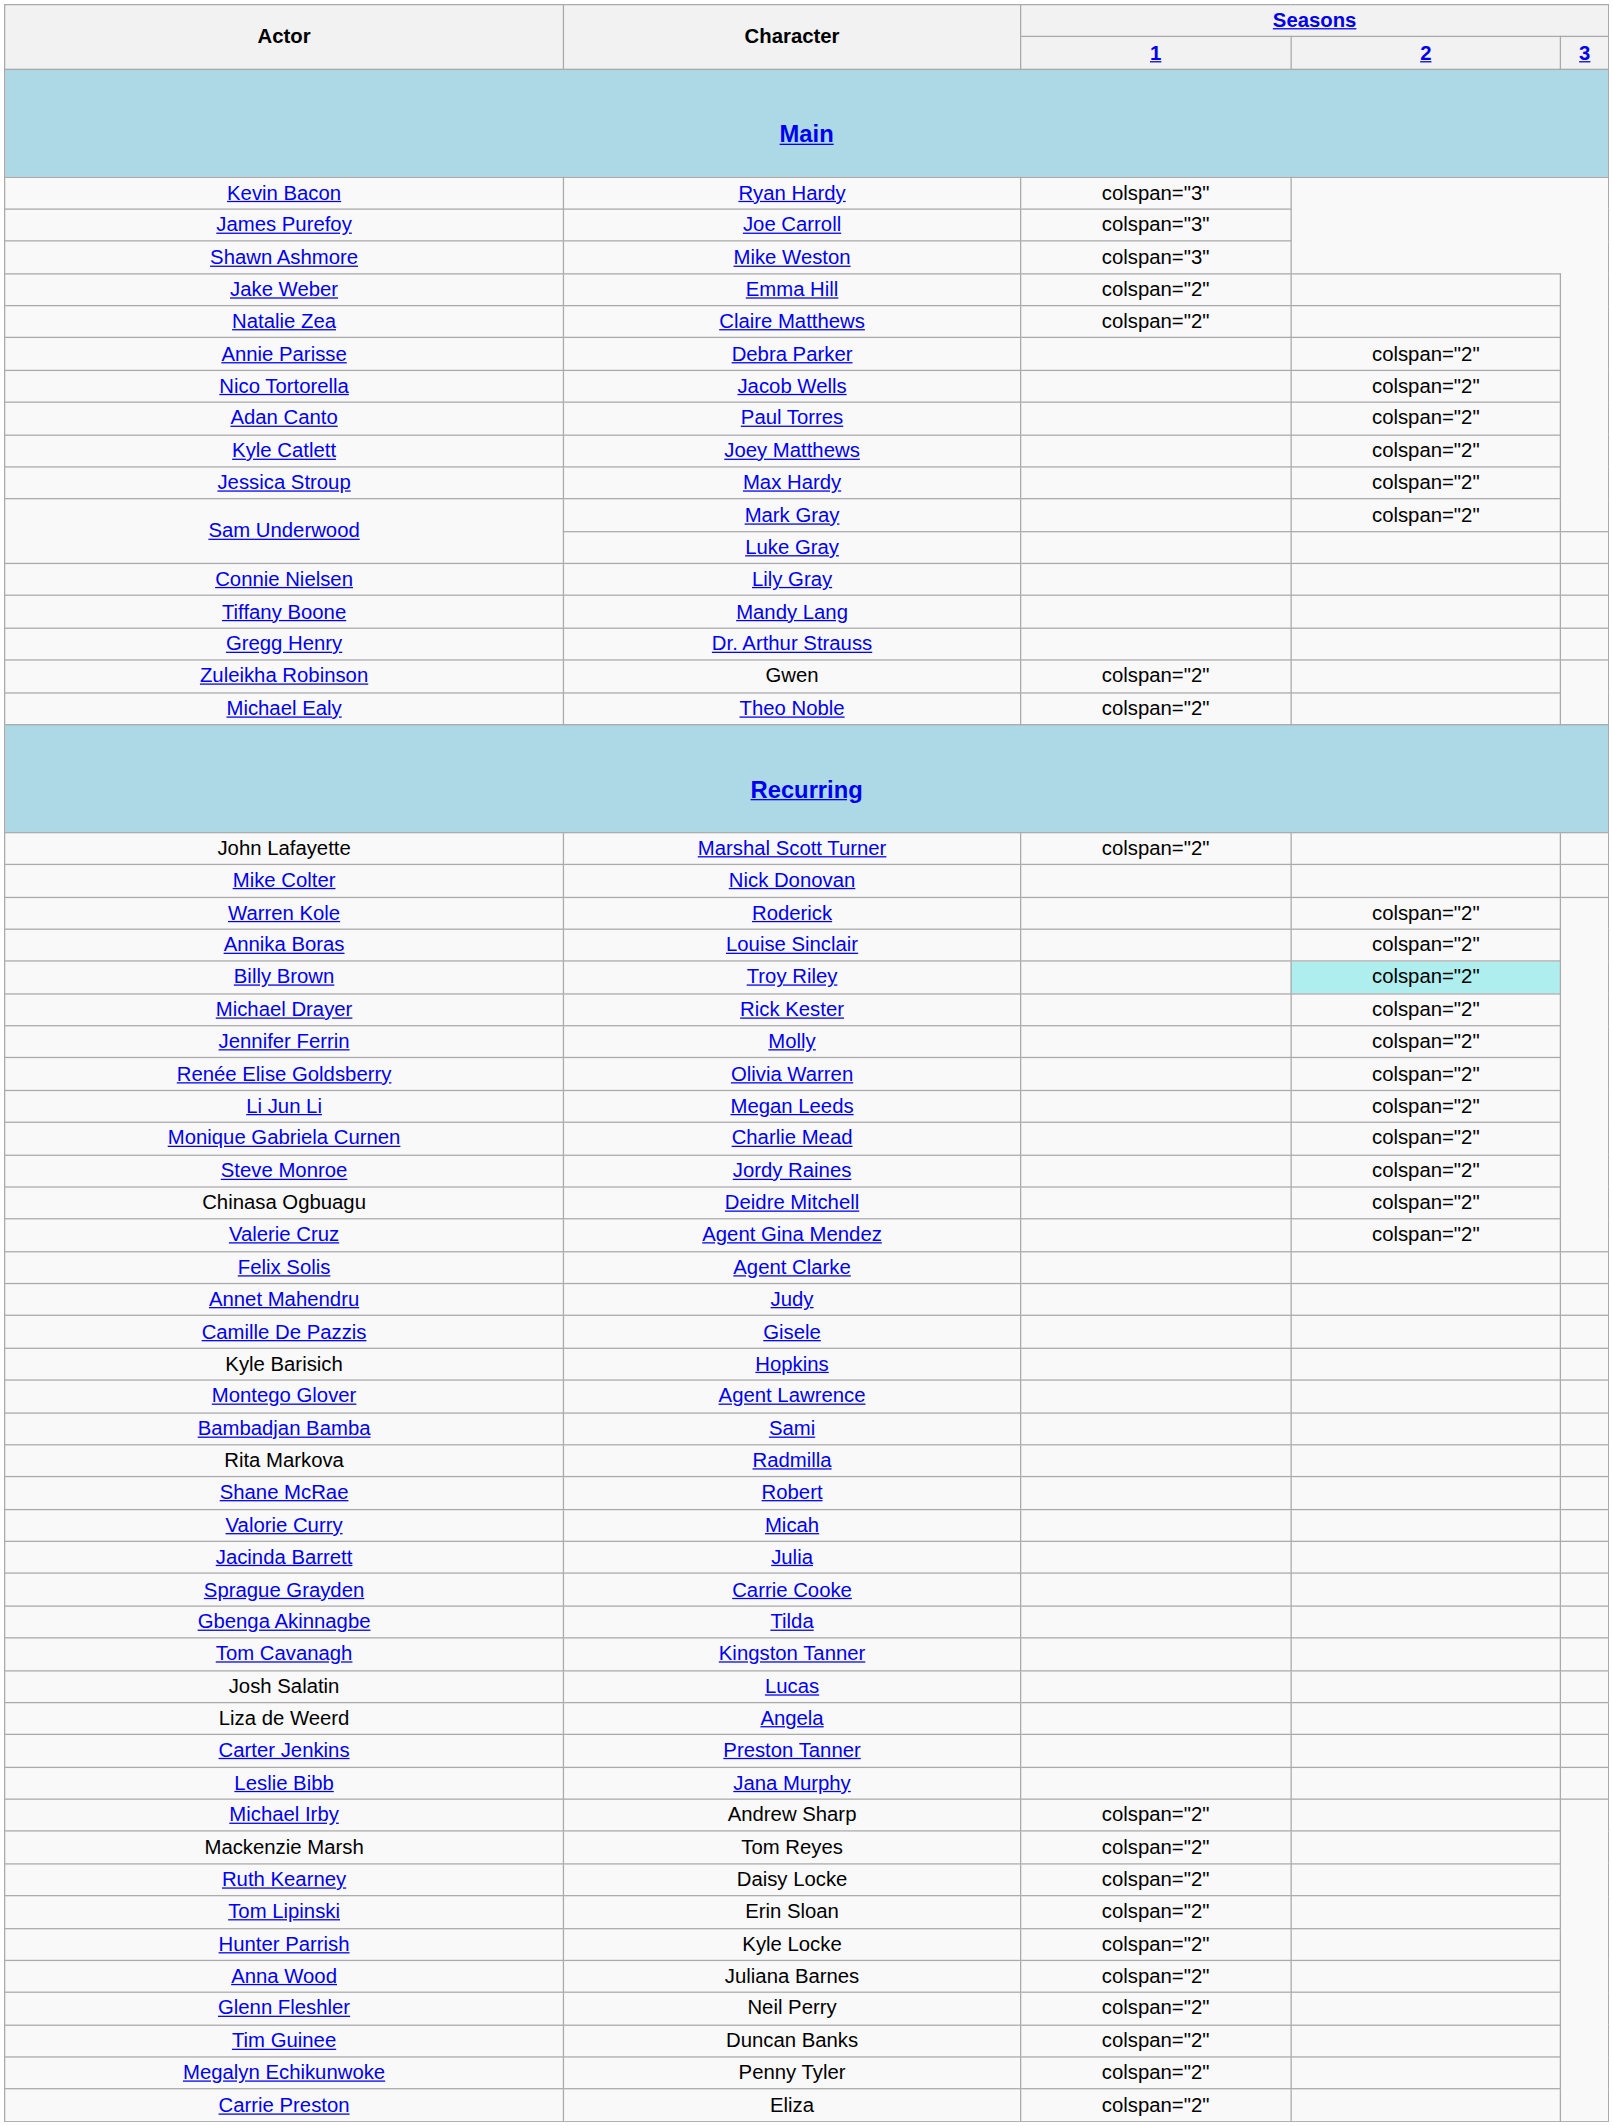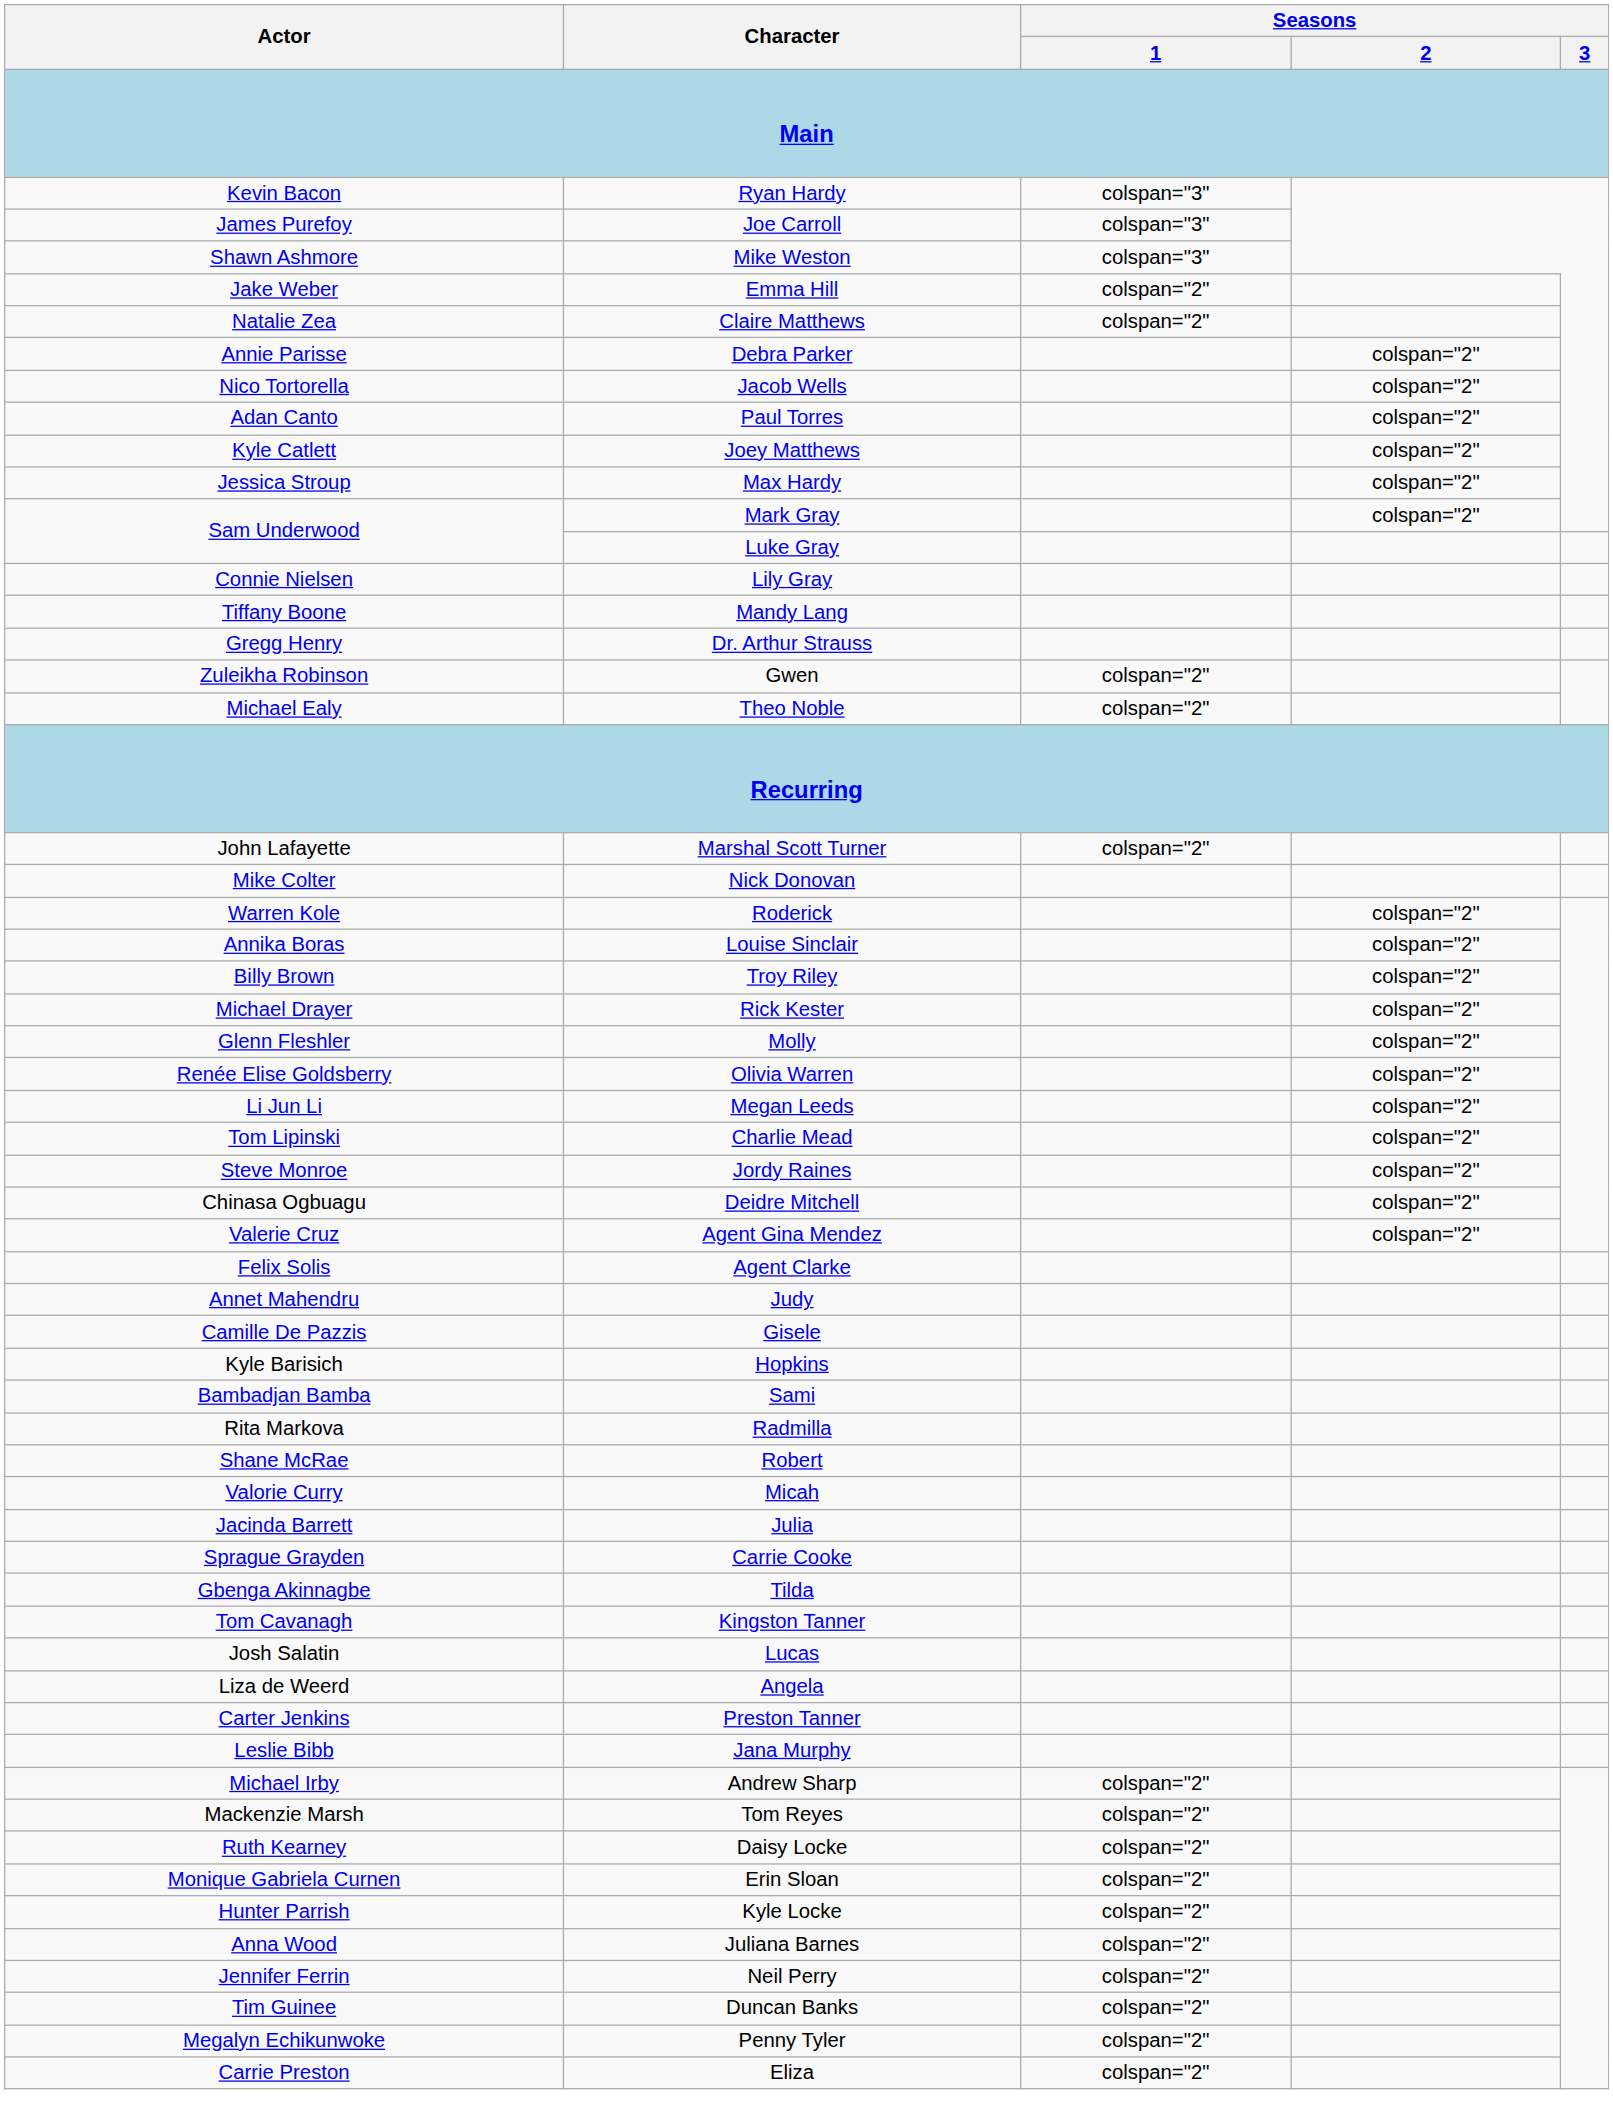 <table class="wikitable plainrowheaders" style="text-align:center" width="100%">
 <tr>
 <th rowspan="2" scope="col">Actor</th>
 <th rowspan="2" scope="col">Character</th>
 <th colspan="3" scope="col"><a href='#'>Seasons</a></th>
 </tr>
 <tr>
 <th scope="col"><a href='#'>1</a></th>
 <th scope="col"><a href='#'>2</a></th>
 <th scope="col"><a href='#'>3</a></th>
 </tr>
 <tr>
 <th colspan="5" style="background:lightblue;"><br><h3><a href='#'>Main</a></h3></th>
 </tr>
 <tr>
 <td><a href='#'>Kevin Bacon</a></td>
 <td><a href='#'>Ryan Hardy</a></td>
 <td>colspan="3" </td>
 </tr>
 <tr>
 <td><a href='#'>James Purefoy</a></td>
 <td><a href='#'>Joe Carroll</a></td>
 <td>colspan="3" </td>
 </tr>
 <tr>
 <td><a href='#'>Shawn Ashmore</a></td>
 <td><a href='#'>Mike Weston</a></td>
 <td>colspan="3" </td>
 </tr>
 <tr>
 <td><a href='#'>Jake Weber</a></td>
 <td><a href='#'>Emma Hill</a></td>
 <td>colspan="2" </td>
 <td></td>
 </tr>
 <tr>
 <td><a href='#'>Natalie Zea</a></td>
 <td><a href='#'>Claire Matthews</a></td>
 <td>colspan="2" </td>
 <td></td>
 </tr>
 <tr>
 <td><a href='#'>Annie Parisse</a></td>
 <td><a href='#'>Debra Parker</a></td>
 <td></td>
 <td>colspan="2" </td>
 </tr>
 <tr>
 <td><a href='#'>Nico Tortorella</a></td>
 <td><a href='#'>Jacob Wells</a></td>
 <td></td>
 <td>colspan="2" </td>
 </tr>
 <tr>
 <td><a href='#'>Adan Canto</a></td>
 <td><a href='#'>Paul Torres</a></td>
 <td></td>
 <td>colspan="2" </td>
 </tr>
 <tr>
 <td><a href='#'>Kyle Catlett</a></td>
 <td><a href='#'>Joey Matthews</a></td>
 <td></td>
 <td>colspan="2" </td>
 </tr>
 <tr>
 <td><a href='#'>Jessica Stroup</a></td>
 <td><a href='#'>Max Hardy</a></td>
 <td></td>
 <td>colspan="2" </td>
 </tr>
 <tr>
 <td rowspan="2"><a href='#'>Sam Underwood</a></td>
 <td><a href='#'>Mark Gray</a></td>
 <td></td>
 <td>colspan="2" </td>
 </tr>
 <tr>
 <td><a href='#'>Luke Gray</a></td>
 <td></td>
 <td></td>
 <td></td>
 </tr>
 <tr>
 <td><a href='#'>Connie Nielsen</a></td>
 <td><a href='#'>Lily Gray</a></td>
 <td></td>
 <td></td>
 <td></td>
 </tr>
 <tr>
 <td><a href='#'>Tiffany Boone</a></td>
 <td><a href='#'>Mandy Lang</a></td>
 <td></td>
 <td></td>
 <td></td>
 </tr>
 <tr>
 <td><a href='#'>Gregg Henry</a></td>
 <td><a href='#'>Dr. Arthur Strauss</a></td>
 <td></td>
 <td></td>
 <td></td>
 </tr>
 <tr>
 <td><a href='#'>Zuleikha Robinson</a></td>
 <td>Gwen</td>
 <td>colspan="2" </td>
 <td></td>
 </tr>
 <tr>
 <td><a href='#'>Michael Ealy</a></td>
 <td><a href='#'>Theo Noble</a></td>
 <td>colspan="2" </td>
 <td></td>
 </tr>
 <tr>
 <th colspan="5" style="background:lightblue;"><br><h3><a href='#'>Recurring</a></h3></th>
 </tr>
 <tr>
 <td>John Lafayette</td>
 <td><a href='#'>Marshal Scott Turner</a></td>
 <td>colspan="2" </td>
 <td></td>
 </tr>
 <tr>
 <td><a href='#'>Mike Colter</a></td>
 <td><a href='#'>Nick Donovan</a></td>
 <td></td>
 <td></td>
 <td></td>
 </tr>
 <tr>
 <td><a href='#'>Warren Kole</a></td>
 <td><a href='#'>Roderick</a></td>
 <td></td>
 <td>colspan="2" </td>
 </tr>
 <tr>
 <td><a href='#'>Annika Boras</a></td>
 <td><a href='#'>Louise Sinclair</a></td>
 <td></td>
 <td>colspan="2" </td>
 </tr>
 <tr>
 <td><a href='#'>Billy Brown</a></td>
 <td><a href='#'>Troy Riley</a></td>
 <td></td>
-<td style="background: paleturquoise;">colspan="2" </td>
+<td>colspan="2" </td>
 </tr>
 <tr>
 <td><a href='#'>Michael Drayer</a></td>
 <td><a href='#'>Rick Kester</a></td>
 <td></td>
 <td>colspan="2" </td>
 </tr>
 <tr>
-<td><a href='#'>Jennifer Ferrin</a></td>
+<td><a href='#'>Glenn Fleshler</a></td>
 <td><a href='#'>Molly</a></td>
 <td></td>
 <td>colspan="2" </td>
 </tr>
 <tr>
 <td><a href='#'>Renée Elise Goldsberry</a></td>
 <td><a href='#'>Olivia Warren</a></td>
 <td></td>
 <td>colspan="2" </td>
 </tr>
 <tr>
 <td><a href='#'>Li Jun Li</a></td>
 <td><a href='#'>Megan Leeds</a></td>
 <td></td>
 <td>colspan="2" </td>
 </tr>
 <tr>
-<td><a href='#'>Monique Gabriela Curnen</a></td>
+<td><a href='#'>Tom Lipinski</a></td>
 <td><a href='#'>Charlie Mead</a></td>
 <td></td>
 <td>colspan="2" </td>
 </tr>
 <tr>
 <td><a href='#'>Steve Monroe</a></td>
 <td><a href='#'>Jordy Raines</a></td>
 <td></td>
 <td>colspan="2" </td>
 </tr>
 <tr>
 <td>Chinasa Ogbuagu</td>
 <td><a href='#'>Deidre Mitchell</a></td>
 <td></td>
 <td>colspan="2" </td>
 </tr>
 <tr>
 <td><a href='#'>Valerie Cruz</a></td>
 <td><a href='#'>Agent Gina Mendez</a></td>
 <td></td>
 <td>colspan="2" </td>
 </tr>
 <tr>
 <td><a href='#'>Felix Solis</a></td>
 <td><a href='#'>Agent Clarke</a></td>
 <td></td>
 <td></td>
 <td></td>
 </tr>
 <tr>
 <td><a href='#'>Annet Mahendru</a></td>
 <td><a href='#'>Judy</a></td>
 <td></td>
 <td></td>
 <td></td>
 </tr>
 <tr>
 <td><a href='#'>Camille De Pazzis</a></td>
 <td><a href='#'>Gisele</a></td>
 <td></td>
 <td></td>
 <td></td>
 </tr>
 <tr>
 <td>Kyle Barisich</td>
 <td><a href='#'>Hopkins</a></td>
-<td></td>
-<td></td>
-<td></td>
-</tr>
-<tr>
-<td><a href='#'>Montego Glover</a></td>
-<td><a href='#'>Agent Lawrence</a></td>
 <td></td>
 <td></td>
 <td></td>
 </tr>
 <tr>
 <td><a href='#'>Bambadjan Bamba</a></td>
 <td><a href='#'>Sami</a></td>
 <td></td>
 <td></td>
 <td></td>
 </tr>
 <tr>
 <td>Rita Markova</td>
 <td><a href='#'>Radmilla</a></td>
 <td></td>
 <td></td>
 <td></td>
 </tr>
 <tr>
 <td><a href='#'>Shane McRae</a></td>
 <td><a href='#'>Robert</a></td>
 <td></td>
 <td></td>
 <td></td>
 </tr>
 <tr>
 <td><a href='#'>Valorie Curry</a></td>
 <td><a href='#'>Micah</a></td>
 <td></td>
 <td></td>
 <td></td>
 </tr>
 <tr>
 <td><a href='#'>Jacinda Barrett</a></td>
 <td><a href='#'>Julia</a></td>
 <td></td>
 <td></td>
 <td></td>
 </tr>
 <tr>
 <td><a href='#'>Sprague Grayden</a></td>
 <td><a href='#'>Carrie Cooke</a></td>
 <td></td>
 <td></td>
 <td></td>
 </tr>
 <tr>
 <td><a href='#'>Gbenga Akinnagbe</a></td>
 <td><a href='#'>Tilda</a></td>
 <td></td>
 <td></td>
 <td></td>
 </tr>
 <tr>
 <td><a href='#'>Tom Cavanagh</a></td>
 <td><a href='#'>Kingston Tanner</a></td>
 <td></td>
 <td></td>
 <td></td>
 </tr>
 <tr>
 <td>Josh Salatin</td>
 <td><a href='#'>Lucas</a></td>
 <td></td>
 <td></td>
 <td></td>
 </tr>
 <tr>
 <td>Liza de Weerd</td>
 <td><a href='#'>Angela</a></td>
 <td></td>
 <td></td>
 <td></td>
 </tr>
 <tr>
 <td><a href='#'>Carter Jenkins</a></td>
 <td><a href='#'>Preston Tanner</a></td>
 <td></td>
 <td></td>
 <td></td>
 </tr>
 <tr>
 <td><a href='#'>Leslie Bibb</a></td>
 <td><a href='#'>Jana Murphy</a></td>
 <td></td>
 <td></td>
 <td></td>
 </tr>
 <tr>
 <td><a href='#'>Michael Irby</a></td>
 <td>Andrew Sharp</td>
 <td>colspan="2" </td>
 <td></td>
 </tr>
 <tr>
 <td>Mackenzie Marsh</td>
 <td>Tom Reyes</td>
 <td>colspan="2" </td>
 <td></td>
 </tr>
 <tr>
 <td><a href='#'>Ruth Kearney</a></td>
 <td>Daisy Locke</td>
 <td>colspan="2" </td>
 <td></td>
 </tr>
 <tr>
-<td><a href='#'>Tom Lipinski</a></td>
+<td><a href='#'>Monique Gabriela Curnen</a></td>
 <td>Erin Sloan</td>
 <td>colspan="2" </td>
 <td></td>
 </tr>
 <tr>
 <td><a href='#'>Hunter Parrish</a></td>
 <td>Kyle Locke</td>
 <td>colspan="2" </td>
 <td></td>
 </tr>
 <tr>
 <td><a href='#'>Anna Wood</a></td>
 <td>Juliana Barnes</td>
 <td>colspan="2" </td>
 <td></td>
 </tr>
 <tr>
-<td><a href='#'>Glenn Fleshler</a></td>
+<td><a href='#'>Jennifer Ferrin</a></td>
 <td>Neil Perry</td>
 <td>colspan="2" </td>
 <td></td>
 </tr>
 <tr>
 <td><a href='#'>Tim Guinee</a></td>
 <td>Duncan Banks</td>
 <td>colspan="2" </td>
 <td></td>
 </tr>
 <tr>
 <td><a href='#'>Megalyn Echikunwoke</a></td>
 <td>Penny Tyler</td>
 <td>colspan="2" </td>
 <td></td>
 </tr>
 <tr>
 <td><a href='#'>Carrie Preston</a></td>
 <td>Eliza</td>
 <td>colspan="2" </td>
 <td></td>
 </tr>
 </table>
